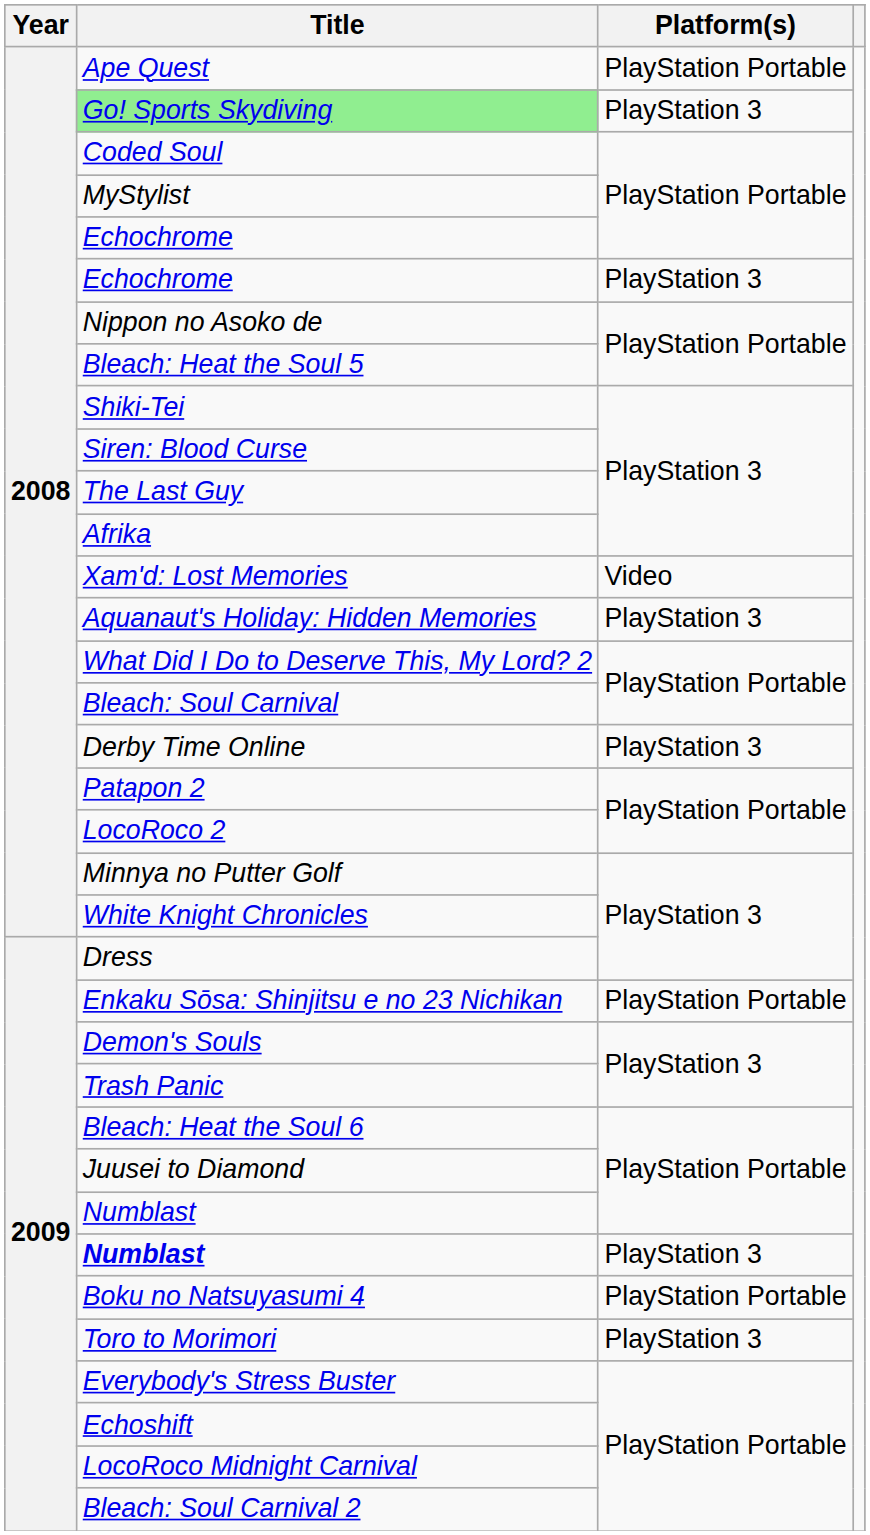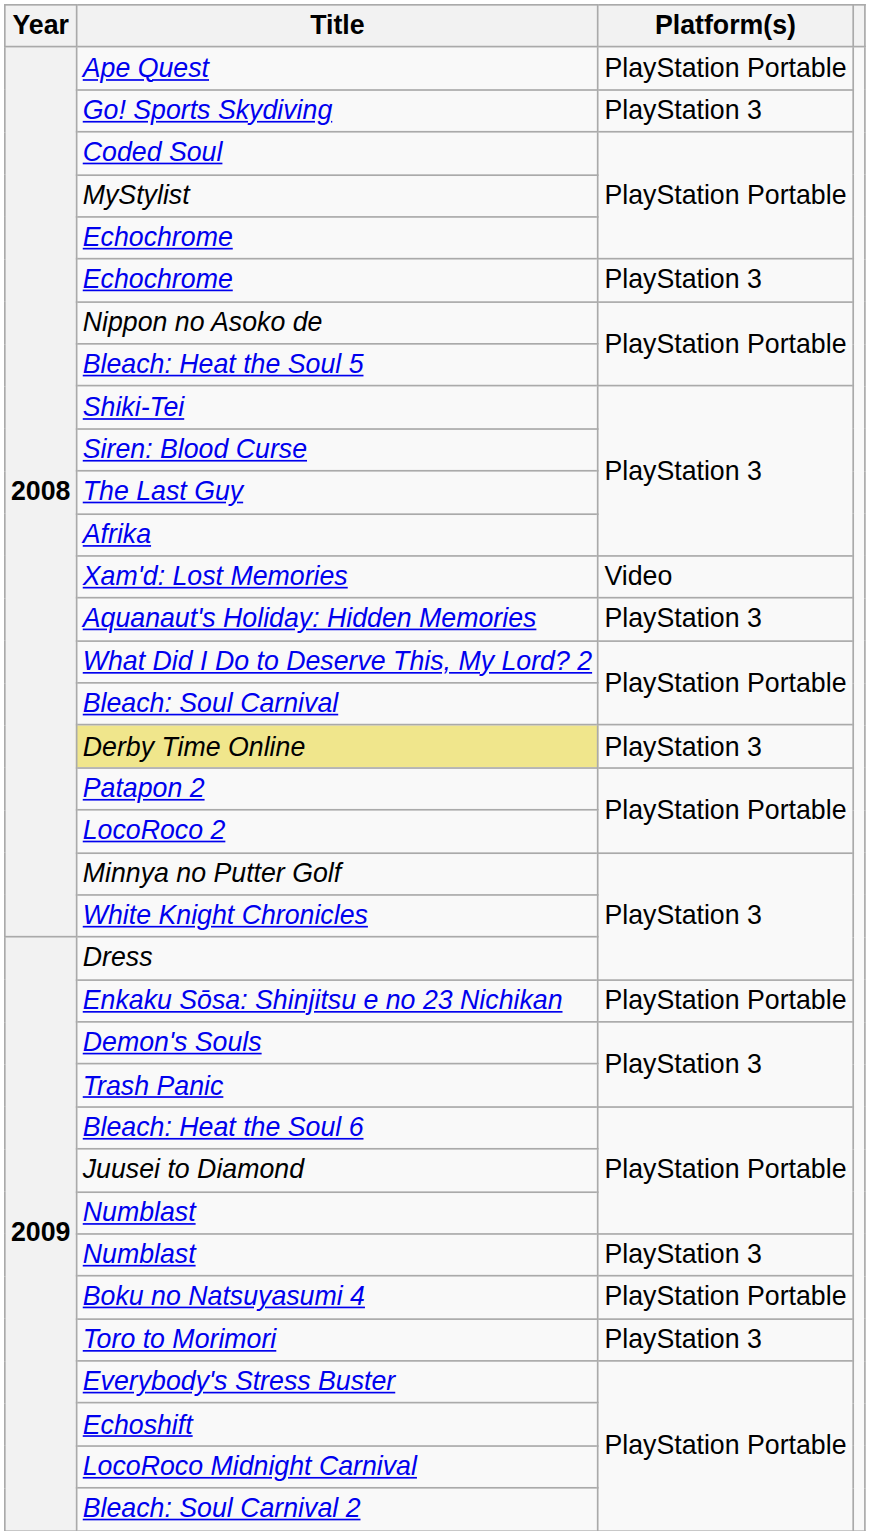 <table class="wikitable sortable plainrowheaders">
 <tr>
 <th scope="col">Year</th>
 <th scope="col">Title</th>
 <th scope="col">Platform(s)</th>
 <th scope="col"></th>
 </tr>
 <tr>
 <th rowspan="21" scope="row">2008</th>
 <td><em><a href='#'>Ape Quest</a></em></td>
 <td>PlayStation Portable</td>
 <td rowspan="35"></td>
 </tr>
 <tr>
-<td style="background: lightgreen;"><em><a href='#'>Go! Sports Skydiving</a></em></td>
+<td><em><a href='#'>Go! Sports Skydiving</a></em></td>
 <td>PlayStation 3</td>
 </tr>
 <tr>
 <td><em><a href='#'>Coded Soul</a></em></td>
 <td rowspan="3">PlayStation Portable</td>
 </tr>
 <tr>
 <td><em>MyStylist</em></td>
 </tr>
 <tr>
 <td><em><a href='#'>Echochrome</a></em></td>
 </tr>
 <tr>
 <td><em><a href='#'>Echochrome</a></em></td>
 <td>PlayStation 3</td>
 </tr>
 <tr>
 <td><em>Nippon no Asoko de</em></td>
 <td rowspan="2">PlayStation Portable</td>
 </tr>
 <tr>
 <td><em><a href='#'>Bleach: Heat the Soul 5</a></em></td>
 </tr>
 <tr>
 <td><em><a href='#'>Shiki-Tei</a></em></td>
 <td rowspan="4">PlayStation 3</td>
 </tr>
 <tr>
 <td><em><a href='#'>Siren: Blood Curse</a></em></td>
 </tr>
 <tr>
 <td><em><a href='#'>The Last Guy</a></em></td>
 </tr>
 <tr>
 <td><em><a href='#'>Afrika</a></em></td>
 </tr>
 <tr>
 <td><em><a href='#'>Xam'd: Lost Memories</a></em></td>
 <td>Video</td>
 </tr>
 <tr>
 <td><em><a href='#'>Aquanaut's Holiday: Hidden Memories</a></em></td>
 <td>PlayStation 3</td>
 </tr>
 <tr>
 <td><em><a href='#'>What Did I Do to Deserve This, My Lord? 2</a></em></td>
 <td rowspan="2">PlayStation Portable</td>
 </tr>
 <tr>
 <td><em><a href='#'>Bleach: Soul Carnival</a></em></td>
 </tr>
 <tr>
-<td><em>Derby Time Online</em></td>
+<td style="background: khaki;"><em>Derby Time Online</em></td>
 <td>PlayStation 3</td>
 </tr>
 <tr>
 <td><em><a href='#'>Patapon 2</a></em></td>
 <td rowspan="2">PlayStation Portable</td>
 </tr>
 <tr>
 <td><em><a href='#'>LocoRoco 2</a></em></td>
 </tr>
 <tr>
 <td><em>Minnya no Putter Golf</em></td>
 <td rowspan="3">PlayStation 3</td>
 </tr>
 <tr>
 <td><em><a href='#'>White Knight Chronicles</a></em></td>
 </tr>
 <tr>
 <th scope="row" rowspan="14">2009</th>
 <td><em>Dress</em></td>
 </tr>
 <tr>
 <td><em><a href='#'>Enkaku Sōsa: Shinjitsu e no 23 Nichikan</a></em></td>
 <td>PlayStation Portable</td>
 </tr>
 <tr>
 <td><em><a href='#'>Demon's Souls</a></em></td>
 <td rowspan="2">PlayStation 3</td>
 </tr>
 <tr>
 <td><em><a href='#'>Trash Panic</a></em></td>
 </tr>
 <tr>
 <td><em><a href='#'>Bleach: Heat the Soul 6</a></em></td>
 <td rowspan="3">PlayStation Portable</td>
 </tr>
 <tr>
 <td><em>Juusei to Diamond</em></td>
 </tr>
 <tr>
 <td><em><a href='#'>Numblast</a></em></td>
 </tr>
 <tr>
-<td><strong><em><a href='#'>Numblast</a></em></strong></td>
+<td><em><a href='#'>Numblast</a></em></td>
 <td>PlayStation 3</td>
 </tr>
 <tr>
 <td><em><a href='#'>Boku no Natsuyasumi 4</a></em></td>
 <td>PlayStation Portable</td>
 </tr>
 <tr>
 <td><em><a href='#'>Toro to Morimori</a></em></td>
 <td>PlayStation 3</td>
 </tr>
 <tr>
 <td><em><a href='#'>Everybody's Stress Buster</a></em></td>
 <td rowspan="4">PlayStation Portable</td>
 </tr>
 <tr>
 <td><em><a href='#'>Echoshift</a></em></td>
 </tr>
 <tr>
 <td><em><a href='#'>LocoRoco Midnight Carnival</a></em></td>
 </tr>
 <tr>
 <td><em><a href='#'>Bleach: Soul Carnival 2</a></em></td>
 </tr>
 </table>
